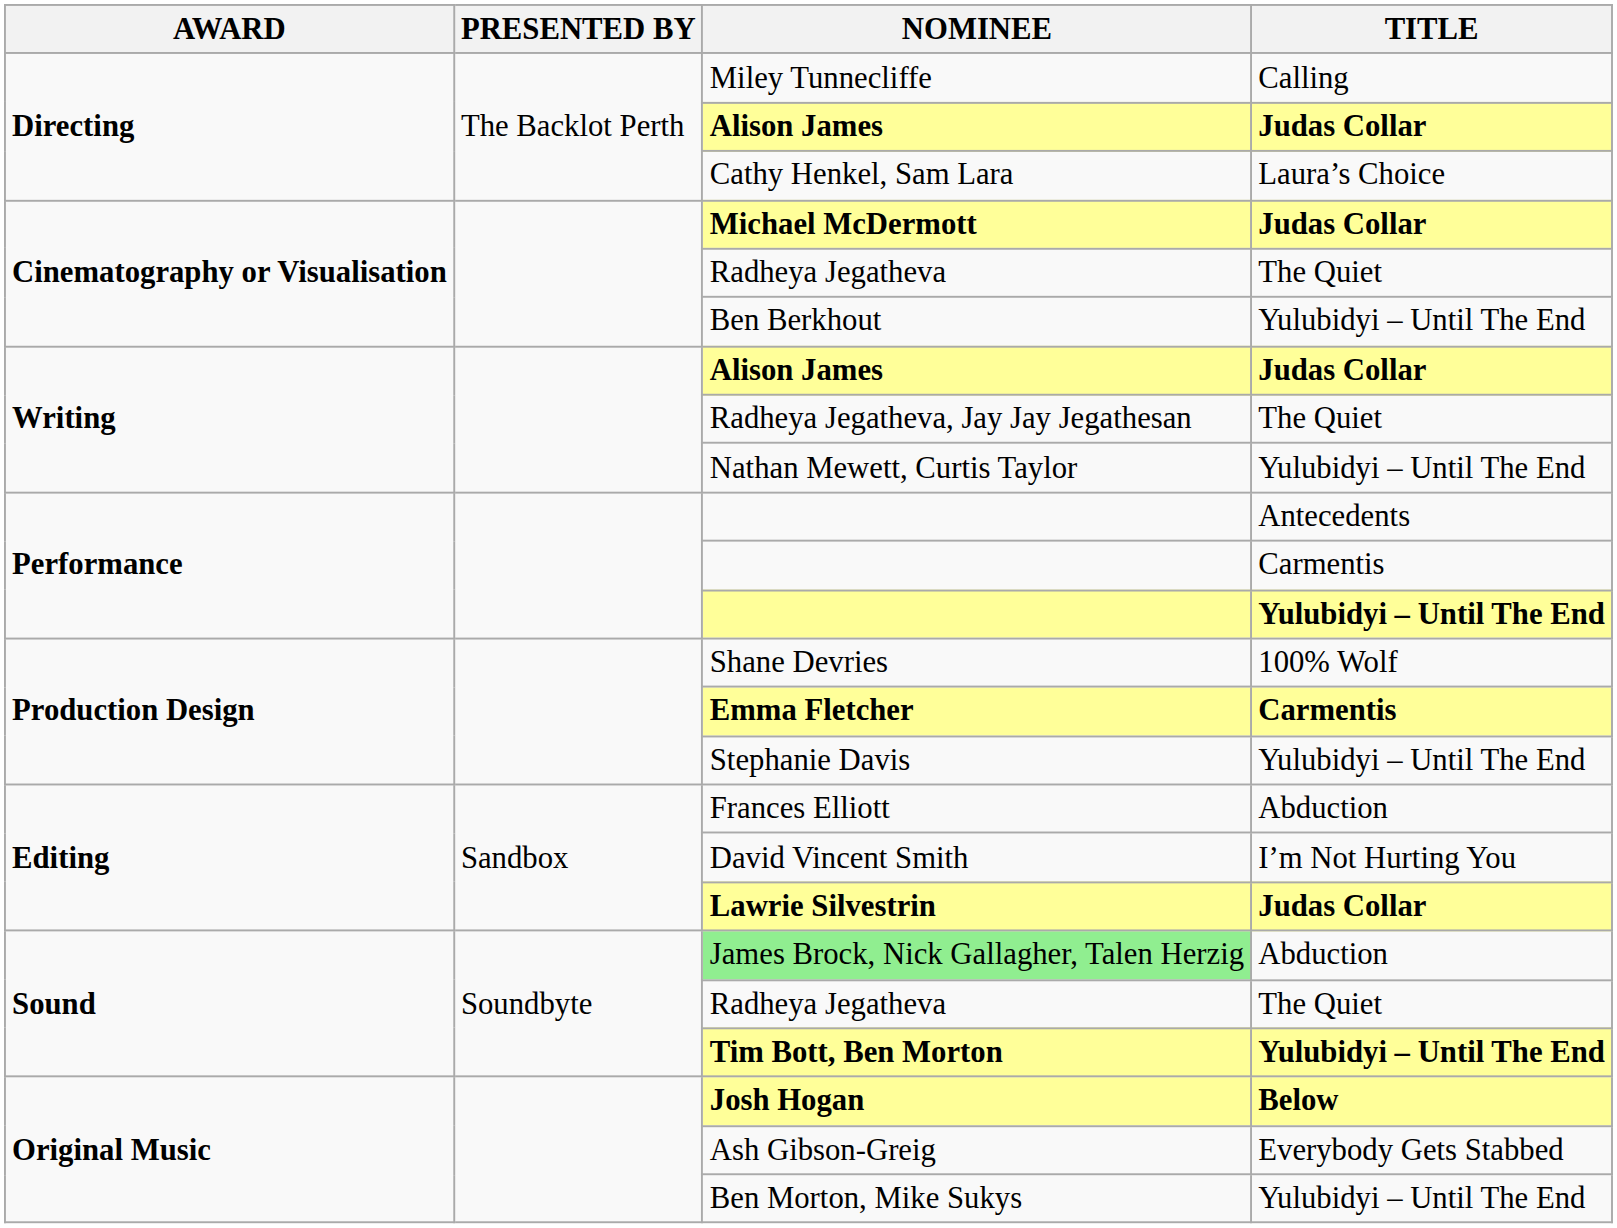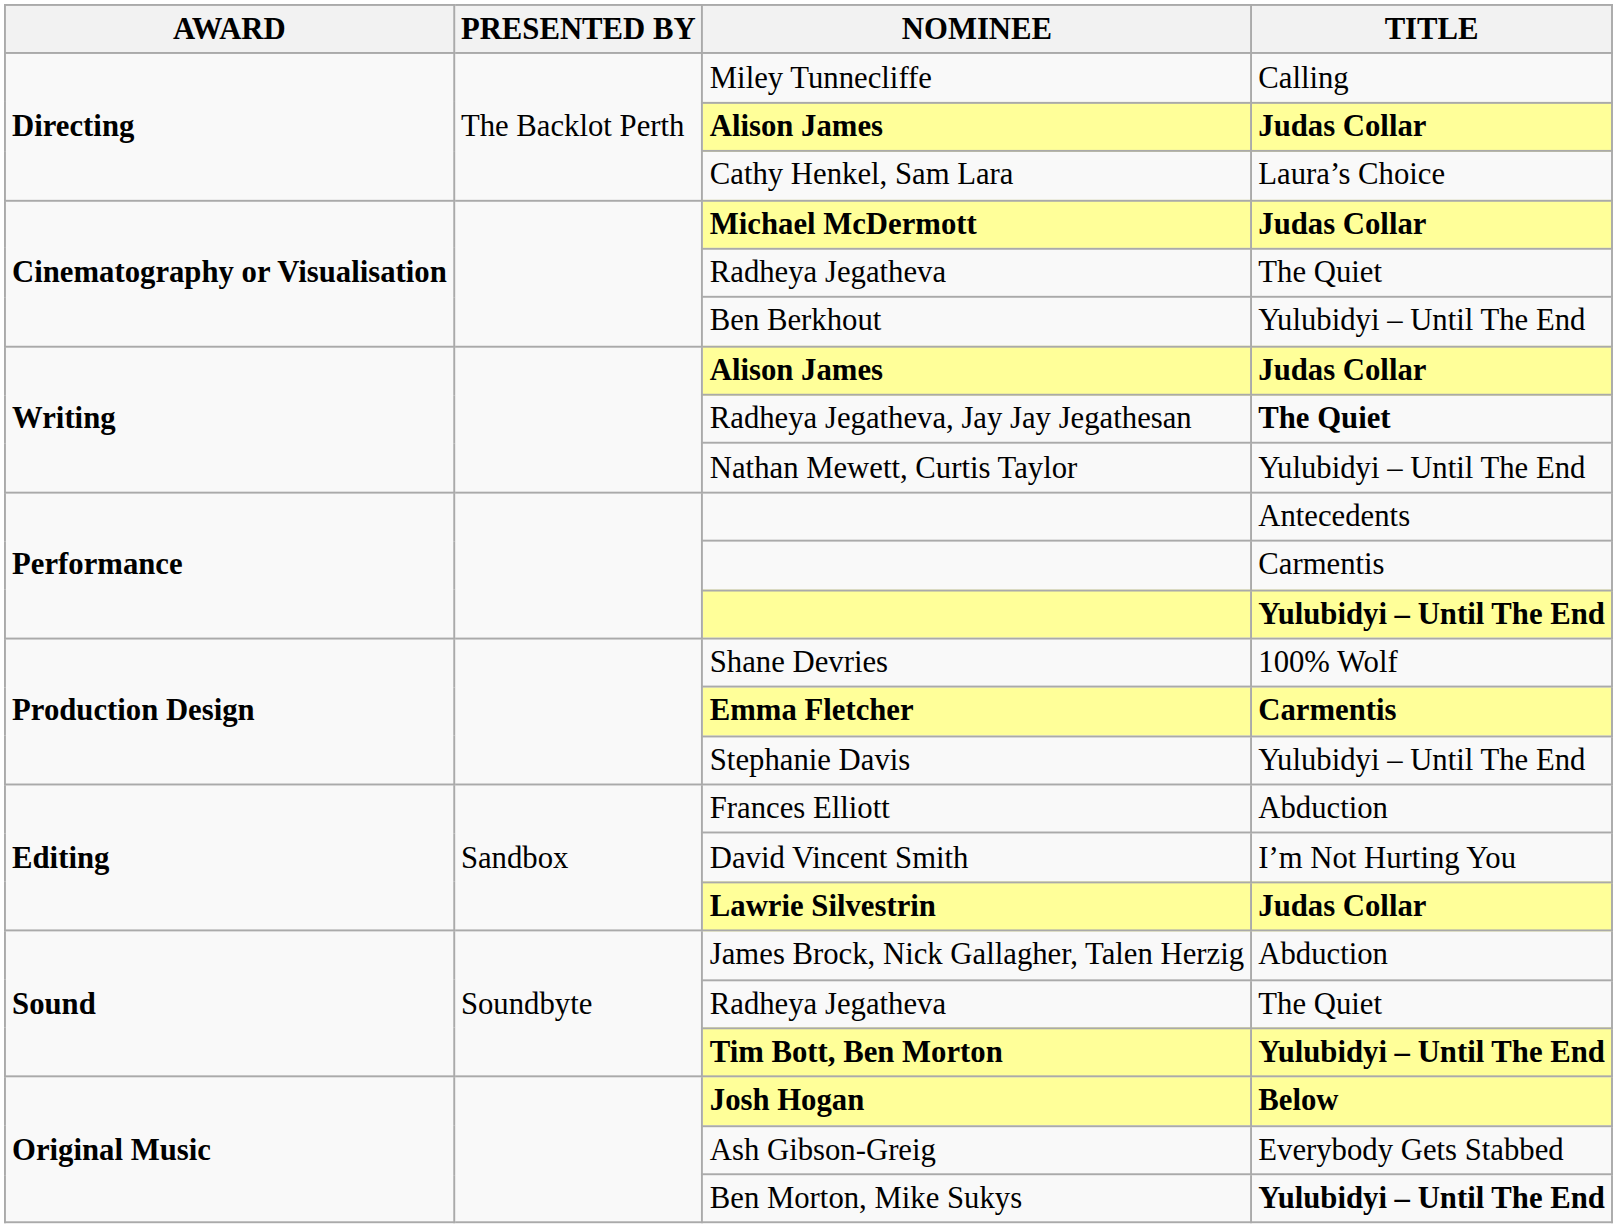 <table class="wikitable sortable mw-collapsible">
 <tr>
 <th>AWARD</th>
 <th>PRESENTED BY</th>
 <th>NOMINEE</th>
 <th>TITLE</th>
 </tr>
 <tr>
 <td rowspan="3"><strong>Directing</strong></td>
 <td rowspan="3">The Backlot Perth</td>
 <td>Miley Tunnecliffe</td>
 <td>Calling</td>
 </tr>
 <tr>
 <td style="background:#ff9;"><strong>Alison James</strong></td>
 <td style="background:#ff9;"><strong>Judas Collar</strong></td>
 </tr>
 <tr>
 <td>Cathy Henkel, Sam Lara</td>
 <td>Laura’s Choice</td>
 </tr>
 <tr>
 <td rowspan="3"><strong>Cinematography or Visualisation</strong></td>
 <td rowspan="3"></td>
 <td style="background:#ff9;"><strong>Michael McDermott</strong></td>
 <td style="background:#ff9;"><strong>Judas Collar</strong></td>
 </tr>
 <tr>
 <td>Radheya Jegatheva</td>
 <td>The Quiet</td>
 </tr>
 <tr>
 <td>Ben Berkhout</td>
 <td>Yulubidyi – Until The End</td>
 </tr>
 <tr>
 <td rowspan="3"><strong>Writing</strong></td>
 <td rowspan="3"></td>
 <td style="background:#ff9;"><strong>Alison James</strong></td>
 <td style="background:#ff9;"><strong>Judas Collar</strong></td>
 </tr>
 <tr>
 <td>Radheya Jegatheva, Jay Jay Jegathesan</td>
-<td>The Quiet</td>
+<td><strong>The Quiet</strong></td>
 </tr>
 <tr>
 <td>Nathan Mewett, Curtis Taylor</td>
 <td>Yulubidyi – Until The End</td>
 </tr>
 <tr>
 <td rowspan="3"><strong>Performance</strong></td>
 <td rowspan="3"></td>
 <td></td>
 <td>Antecedents</td>
 </tr>
 <tr>
 <td></td>
 <td>Carmentis</td>
 </tr>
 <tr>
 <td style="background:#ff9;"></td>
 <td style="background:#ff9;"><strong>Yulubidyi – Until The End</strong></td>
 </tr>
 <tr>
 <td rowspan="3"><strong>Production Design</strong></td>
 <td rowspan="3"></td>
 <td>Shane Devries</td>
 <td>100% Wolf</td>
 </tr>
 <tr>
 <td style="background:#ff9;"><strong>Emma Fletcher</strong></td>
 <td style="background:#ff9;"><strong>Carmentis</strong></td>
 </tr>
 <tr>
 <td>Stephanie Davis</td>
 <td>Yulubidyi – Until The End</td>
 </tr>
 <tr>
 <td rowspan="3"><strong>Editing</strong></td>
 <td rowspan="3">Sandbox</td>
 <td>Frances Elliott</td>
 <td>Abduction</td>
 </tr>
 <tr>
 <td>David Vincent Smith</td>
 <td>I’m Not Hurting You</td>
 </tr>
 <tr>
 <td style="background:#ff9;"><strong>Lawrie Silvestrin</strong></td>
 <td style="background:#ff9;"><strong>Judas Collar</strong></td>
 </tr>
 <tr>
 <td rowspan="3"><strong>Sound</strong></td>
 <td rowspan="3">Soundbyte</td>
-<td style="background: lightgreen;">James Brock, Nick Gallagher, Talen Herzig</td>
+<td>James Brock, Nick Gallagher, Talen Herzig</td>
 <td>Abduction</td>
 </tr>
 <tr>
 <td>Radheya Jegatheva</td>
 <td>The Quiet</td>
 </tr>
 <tr>
 <td style="background:#ff9;"><strong>Tim Bott, Ben Morton</strong></td>
 <td style="background:#ff9;"><strong>Yulubidyi – Until The End</strong></td>
 </tr>
 <tr>
 <td rowspan="3"><strong>Original Music</strong></td>
 <td rowspan="3"></td>
 <td style="background:#ff9;"><strong>Josh Hogan</strong></td>
 <td style="background:#ff9;"><strong>Below</strong></td>
 </tr>
 <tr>
 <td>Ash Gibson-Greig</td>
 <td>Everybody Gets Stabbed</td>
 </tr>
 <tr>
 <td>Ben Morton, Mike Sukys</td>
-<td>Yulubidyi – Until The End</td>
+<td><strong>Yulubidyi – Until The End</strong></td>
 </tr>
 </table>
